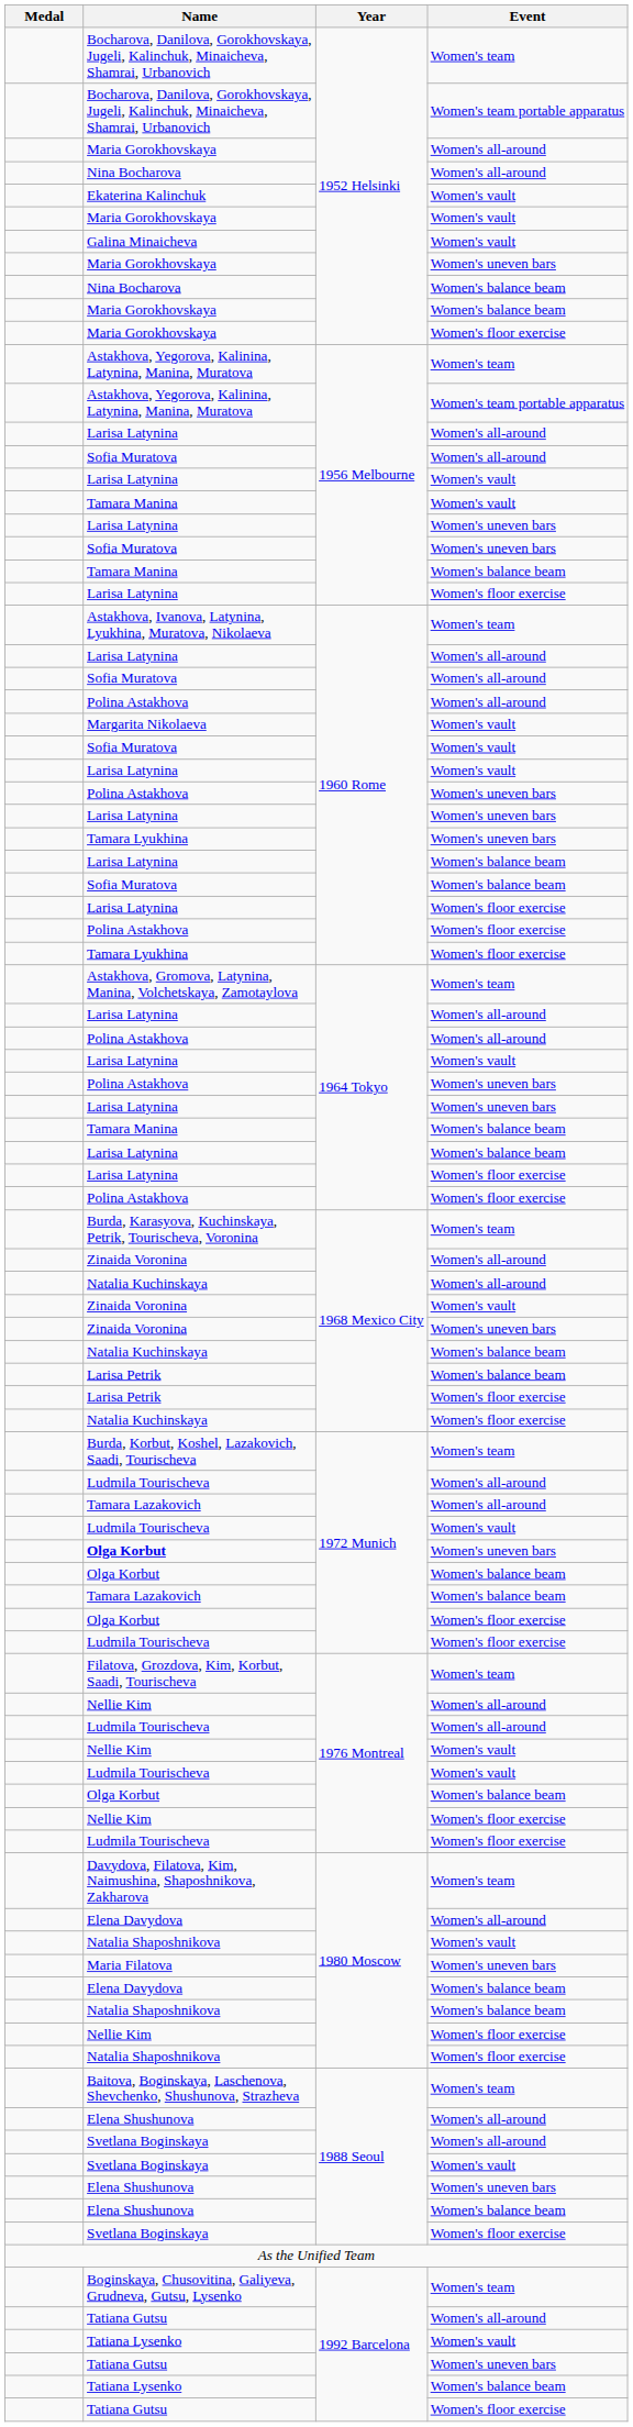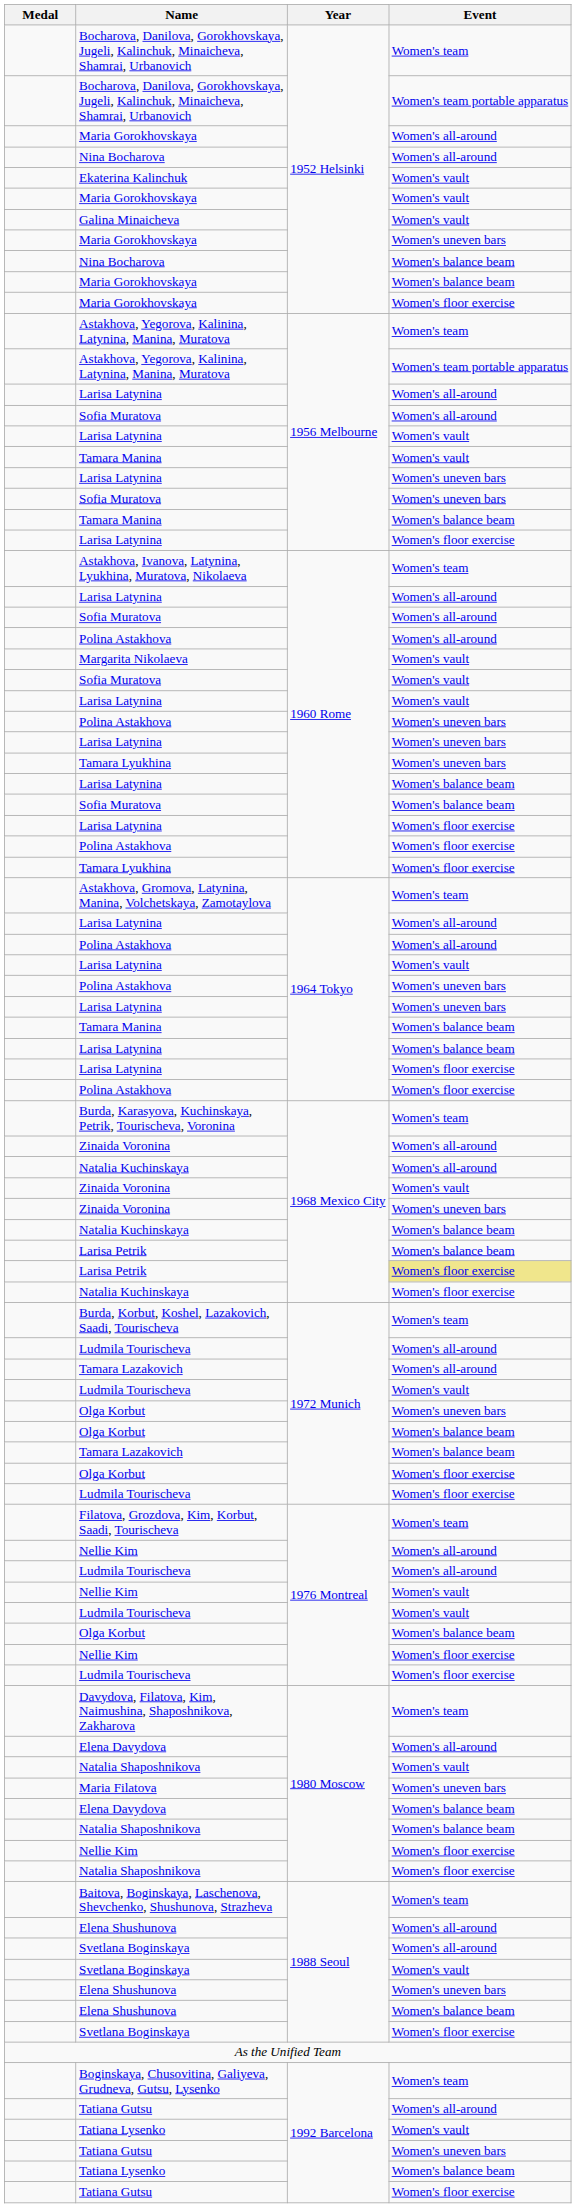 <table class="wikitable sortable">
 <tr>
 <th style="width:5em;">Medal</th>
 <th width=250>Name</th>
 <th>Year</th>
 <th>Event</th>
 </tr>
 <tr>
 <td></td>
 <td><a href='#'>Bocharova</a>, <a href='#'>Danilova</a>, <a href='#'>Gorokhovskaya</a>, <a href='#'>Jugeli</a>, <a href='#'>Kalinchuk</a>, <a href='#'>Minaicheva</a>, <a href='#'>Shamrai</a>, <a href='#'>Urbanovich</a></td>
 <td rowspan="11"> <a href='#'>1952 Helsinki</a></td>
 <td><a href='#'>Women's team</a></td>
 </tr>
 <tr>
 <td></td>
 <td><a href='#'>Bocharova</a>, <a href='#'>Danilova</a>, <a href='#'>Gorokhovskaya</a>, <a href='#'>Jugeli</a>, <a href='#'>Kalinchuk</a>, <a href='#'>Minaicheva</a>, <a href='#'>Shamrai</a>, <a href='#'>Urbanovich</a></td>
 <td><a href='#'>Women's team portable apparatus</a></td>
 </tr>
 <tr>
 <td></td>
 <td><a href='#'>Maria Gorokhovskaya</a></td>
 <td><a href='#'>Women's all-around</a></td>
 </tr>
 <tr>
 <td></td>
 <td><a href='#'>Nina Bocharova</a></td>
 <td><a href='#'>Women's all-around</a></td>
 </tr>
 <tr>
 <td></td>
 <td><a href='#'>Ekaterina Kalinchuk</a></td>
 <td><a href='#'>Women's vault</a></td>
 </tr>
 <tr>
 <td></td>
 <td><a href='#'>Maria Gorokhovskaya</a></td>
 <td><a href='#'>Women's vault</a></td>
 </tr>
 <tr>
 <td></td>
 <td><a href='#'>Galina Minaicheva</a></td>
 <td><a href='#'>Women's vault</a></td>
 </tr>
 <tr>
 <td></td>
 <td><a href='#'>Maria Gorokhovskaya</a></td>
 <td><a href='#'>Women's uneven bars</a></td>
 </tr>
 <tr>
 <td></td>
 <td><a href='#'>Nina Bocharova</a></td>
 <td><a href='#'>Women's balance beam</a></td>
 </tr>
 <tr>
 <td></td>
 <td><a href='#'>Maria Gorokhovskaya</a></td>
 <td><a href='#'>Women's balance beam</a></td>
 </tr>
 <tr>
 <td></td>
 <td><a href='#'>Maria Gorokhovskaya</a></td>
 <td><a href='#'>Women's floor exercise</a></td>
 </tr>
 <tr>
 <td></td>
 <td><a href='#'>Astakhova</a>, <a href='#'>Yegorova</a>, <a href='#'>Kalinina</a>, <a href='#'>Latynina</a>, <a href='#'>Manina</a>, <a href='#'>Muratova</a></td>
 <td rowspan="10"> <a href='#'>1956 Melbourne</a></td>
 <td><a href='#'>Women's team</a></td>
 </tr>
 <tr>
 <td></td>
 <td><a href='#'>Astakhova</a>, <a href='#'>Yegorova</a>, <a href='#'>Kalinina</a>, <a href='#'>Latynina</a>, <a href='#'>Manina</a>, <a href='#'>Muratova</a></td>
 <td><a href='#'>Women's team portable apparatus</a></td>
 </tr>
 <tr>
 <td></td>
 <td><a href='#'>Larisa Latynina</a></td>
 <td><a href='#'>Women's all-around</a></td>
 </tr>
 <tr>
 <td></td>
 <td><a href='#'>Sofia Muratova</a></td>
 <td><a href='#'>Women's all-around</a></td>
 </tr>
 <tr>
 <td></td>
 <td><a href='#'>Larisa Latynina</a></td>
 <td><a href='#'>Women's vault</a></td>
 </tr>
 <tr>
 <td></td>
 <td><a href='#'>Tamara Manina</a></td>
 <td><a href='#'>Women's vault</a></td>
 </tr>
 <tr>
 <td></td>
 <td><a href='#'>Larisa Latynina</a></td>
 <td><a href='#'>Women's uneven bars</a></td>
 </tr>
 <tr>
 <td></td>
 <td><a href='#'>Sofia Muratova</a></td>
 <td><a href='#'>Women's uneven bars</a></td>
 </tr>
 <tr>
 <td></td>
 <td><a href='#'>Tamara Manina</a></td>
 <td><a href='#'>Women's balance beam</a></td>
 </tr>
 <tr>
 <td></td>
 <td><a href='#'>Larisa Latynina</a></td>
 <td><a href='#'>Women's floor exercise</a></td>
 </tr>
 <tr>
 <td></td>
 <td><a href='#'>Astakhova</a>, <a href='#'>Ivanova</a>, <a href='#'>Latynina</a>, <a href='#'>Lyukhina</a>, <a href='#'>Muratova</a>, <a href='#'>Nikolaeva</a></td>
 <td rowspan="15"> <a href='#'>1960 Rome</a></td>
 <td><a href='#'>Women's team</a></td>
 </tr>
 <tr>
 <td></td>
 <td><a href='#'>Larisa Latynina</a></td>
 <td><a href='#'>Women's all-around</a></td>
 </tr>
 <tr>
 <td></td>
 <td><a href='#'>Sofia Muratova</a></td>
 <td><a href='#'>Women's all-around</a></td>
 </tr>
 <tr>
 <td></td>
 <td><a href='#'>Polina Astakhova</a></td>
 <td><a href='#'>Women's all-around</a></td>
 </tr>
 <tr>
 <td></td>
 <td><a href='#'>Margarita Nikolaeva</a></td>
 <td><a href='#'>Women's vault</a></td>
 </tr>
 <tr>
 <td></td>
 <td><a href='#'>Sofia Muratova</a></td>
 <td><a href='#'>Women's vault</a></td>
 </tr>
 <tr>
 <td></td>
 <td><a href='#'>Larisa Latynina</a></td>
 <td><a href='#'>Women's vault</a></td>
 </tr>
 <tr>
 <td></td>
 <td><a href='#'>Polina Astakhova</a></td>
 <td><a href='#'>Women's uneven bars</a></td>
 </tr>
 <tr>
 <td></td>
 <td><a href='#'>Larisa Latynina</a></td>
 <td><a href='#'>Women's uneven bars</a></td>
 </tr>
 <tr>
 <td></td>
 <td><a href='#'>Tamara Lyukhina</a></td>
 <td><a href='#'>Women's uneven bars</a></td>
 </tr>
 <tr>
 <td></td>
 <td><a href='#'>Larisa Latynina</a></td>
 <td><a href='#'>Women's balance beam</a></td>
 </tr>
 <tr>
 <td></td>
 <td><a href='#'>Sofia Muratova</a></td>
 <td><a href='#'>Women's balance beam</a></td>
 </tr>
 <tr>
 <td></td>
 <td><a href='#'>Larisa Latynina</a></td>
 <td><a href='#'>Women's floor exercise</a></td>
 </tr>
 <tr>
 <td></td>
 <td><a href='#'>Polina Astakhova</a></td>
 <td><a href='#'>Women's floor exercise</a></td>
 </tr>
 <tr>
 <td></td>
 <td><a href='#'>Tamara Lyukhina</a></td>
 <td><a href='#'>Women's floor exercise</a></td>
 </tr>
 <tr>
 <td></td>
 <td><a href='#'>Astakhova</a>, <a href='#'>Gromova</a>, <a href='#'>Latynina</a>, <a href='#'>Manina</a>, <a href='#'>Volchetskaya</a>, <a href='#'>Zamotaylova</a></td>
 <td rowspan="10"> <a href='#'>1964 Tokyo</a></td>
 <td><a href='#'>Women's team</a></td>
 </tr>
 <tr>
 <td></td>
 <td><a href='#'>Larisa Latynina</a></td>
 <td><a href='#'>Women's all-around</a></td>
 </tr>
 <tr>
 <td></td>
 <td><a href='#'>Polina Astakhova</a></td>
 <td><a href='#'>Women's all-around</a></td>
 </tr>
 <tr>
 <td></td>
 <td><a href='#'>Larisa Latynina</a></td>
 <td><a href='#'>Women's vault</a></td>
 </tr>
 <tr>
 <td></td>
 <td><a href='#'>Polina Astakhova</a></td>
 <td><a href='#'>Women's uneven bars</a></td>
 </tr>
 <tr>
 <td></td>
 <td><a href='#'>Larisa Latynina</a></td>
 <td><a href='#'>Women's uneven bars</a></td>
 </tr>
 <tr>
 <td></td>
 <td><a href='#'>Tamara Manina</a></td>
 <td><a href='#'>Women's balance beam</a></td>
 </tr>
 <tr>
 <td></td>
 <td><a href='#'>Larisa Latynina</a></td>
 <td><a href='#'>Women's balance beam</a></td>
 </tr>
 <tr>
 <td></td>
 <td><a href='#'>Larisa Latynina</a></td>
 <td><a href='#'>Women's floor exercise</a></td>
 </tr>
 <tr>
 <td></td>
 <td><a href='#'>Polina Astakhova</a></td>
 <td><a href='#'>Women's floor exercise</a></td>
 </tr>
 <tr>
 <td></td>
 <td><a href='#'>Burda</a>, <a href='#'>Karasyova</a>, <a href='#'>Kuchinskaya</a>, <a href='#'>Petrik</a>, <a href='#'>Tourischeva</a>, <a href='#'>Voronina</a></td>
 <td rowspan="9"> <a href='#'>1968 Mexico City</a></td>
 <td><a href='#'>Women's team</a></td>
 </tr>
 <tr>
 <td></td>
 <td><a href='#'>Zinaida Voronina</a></td>
 <td><a href='#'>Women's all-around</a></td>
 </tr>
 <tr>
 <td></td>
 <td><a href='#'>Natalia Kuchinskaya</a></td>
 <td><a href='#'>Women's all-around</a></td>
 </tr>
 <tr>
 <td></td>
 <td><a href='#'>Zinaida Voronina</a></td>
 <td><a href='#'>Women's vault</a></td>
 </tr>
 <tr>
 <td></td>
 <td><a href='#'>Zinaida Voronina</a></td>
 <td><a href='#'>Women's uneven bars</a></td>
 </tr>
 <tr>
 <td></td>
 <td><a href='#'>Natalia Kuchinskaya</a></td>
 <td><a href='#'>Women's balance beam</a></td>
 </tr>
 <tr>
 <td></td>
 <td><a href='#'>Larisa Petrik</a></td>
 <td><a href='#'>Women's balance beam</a></td>
 </tr>
 <tr>
 <td></td>
 <td><a href='#'>Larisa Petrik</a></td>
-<td><a href='#'>Women's floor exercise</a></td>
+<td style="background: khaki;"><a href='#'>Women's floor exercise</a></td>
 </tr>
 <tr>
 <td></td>
 <td><a href='#'>Natalia Kuchinskaya</a></td>
 <td><a href='#'>Women's floor exercise</a></td>
 </tr>
 <tr>
 <td></td>
 <td><a href='#'>Burda</a>, <a href='#'>Korbut</a>, <a href='#'>Koshel</a>, <a href='#'>Lazakovich</a>, <a href='#'>Saadi</a>, <a href='#'>Tourischeva</a></td>
 <td rowspan="9"> <a href='#'>1972 Munich</a></td>
 <td><a href='#'>Women's team</a></td>
 </tr>
 <tr>
 <td></td>
 <td><a href='#'>Ludmila Tourischeva</a></td>
 <td><a href='#'>Women's all-around</a></td>
 </tr>
 <tr>
 <td></td>
 <td><a href='#'>Tamara Lazakovich</a></td>
 <td><a href='#'>Women's all-around</a></td>
 </tr>
 <tr>
 <td></td>
 <td><a href='#'>Ludmila Tourischeva</a></td>
 <td><a href='#'>Women's vault</a></td>
 </tr>
 <tr>
 <td></td>
-<td><strong><a href='#'>Olga Korbut</a></strong></td>
+<td><a href='#'>Olga Korbut</a></td>
 <td><a href='#'>Women's uneven bars</a></td>
 </tr>
 <tr>
 <td></td>
 <td><a href='#'>Olga Korbut</a></td>
 <td><a href='#'>Women's balance beam</a></td>
 </tr>
 <tr>
 <td></td>
 <td><a href='#'>Tamara Lazakovich</a></td>
 <td><a href='#'>Women's balance beam</a></td>
 </tr>
 <tr>
 <td></td>
 <td><a href='#'>Olga Korbut</a></td>
 <td><a href='#'>Women's floor exercise</a></td>
 </tr>
 <tr>
 <td></td>
 <td><a href='#'>Ludmila Tourischeva</a></td>
 <td><a href='#'>Women's floor exercise</a></td>
 </tr>
 <tr>
 <td></td>
 <td><a href='#'>Filatova</a>, <a href='#'>Grozdova</a>, <a href='#'>Kim</a>, <a href='#'>Korbut</a>, <a href='#'>Saadi</a>, <a href='#'>Tourischeva</a></td>
 <td rowspan="8"> <a href='#'>1976 Montreal</a></td>
 <td><a href='#'>Women's team</a></td>
 </tr>
 <tr>
 <td></td>
 <td><a href='#'>Nellie Kim</a></td>
 <td><a href='#'>Women's all-around</a></td>
 </tr>
 <tr>
 <td></td>
 <td><a href='#'>Ludmila Tourischeva</a></td>
 <td><a href='#'>Women's all-around</a></td>
 </tr>
 <tr>
 <td></td>
 <td><a href='#'>Nellie Kim</a></td>
 <td><a href='#'>Women's vault</a></td>
 </tr>
 <tr>
 <td></td>
 <td><a href='#'>Ludmila Tourischeva</a></td>
 <td><a href='#'>Women's vault</a></td>
 </tr>
 <tr>
 <td></td>
 <td><a href='#'>Olga Korbut</a></td>
 <td><a href='#'>Women's balance beam</a></td>
 </tr>
 <tr>
 <td></td>
 <td><a href='#'>Nellie Kim</a></td>
 <td><a href='#'>Women's floor exercise</a></td>
 </tr>
 <tr>
 <td></td>
 <td><a href='#'>Ludmila Tourischeva</a></td>
 <td><a href='#'>Women's floor exercise</a></td>
 </tr>
 <tr>
 <td></td>
 <td><a href='#'>Davydova</a>, <a href='#'>Filatova</a>, <a href='#'>Kim</a>, <a href='#'>Naimushina</a>, <a href='#'>Shaposhnikova</a>, <a href='#'>Zakharova</a></td>
 <td rowspan="8"> <a href='#'>1980 Moscow</a></td>
 <td><a href='#'>Women's team</a></td>
 </tr>
 <tr>
 <td></td>
 <td><a href='#'>Elena Davydova</a></td>
 <td><a href='#'>Women's all-around</a></td>
 </tr>
 <tr>
 <td></td>
 <td><a href='#'>Natalia Shaposhnikova</a></td>
 <td><a href='#'>Women's vault</a></td>
 </tr>
 <tr>
 <td></td>
 <td><a href='#'>Maria Filatova</a></td>
 <td><a href='#'>Women's uneven bars</a></td>
 </tr>
 <tr>
 <td></td>
 <td><a href='#'>Elena Davydova</a></td>
 <td><a href='#'>Women's balance beam</a></td>
 </tr>
 <tr>
 <td></td>
 <td><a href='#'>Natalia Shaposhnikova</a></td>
 <td><a href='#'>Women's balance beam</a></td>
 </tr>
 <tr>
 <td></td>
 <td><a href='#'>Nellie Kim</a></td>
 <td><a href='#'>Women's floor exercise</a></td>
 </tr>
 <tr>
 <td></td>
 <td><a href='#'>Natalia Shaposhnikova</a></td>
 <td><a href='#'>Women's floor exercise</a></td>
 </tr>
 <tr>
 <td></td>
 <td><a href='#'>Baitova</a>, <a href='#'>Boginskaya</a>, <a href='#'>Laschenova</a>, <a href='#'>Shevchenko</a>, <a href='#'>Shushunova</a>, <a href='#'>Strazheva</a></td>
 <td rowspan="7"> <a href='#'>1988 Seoul</a></td>
 <td><a href='#'>Women's team</a></td>
 </tr>
 <tr>
 <td></td>
 <td><a href='#'>Elena Shushunova</a></td>
 <td><a href='#'>Women's all-around</a></td>
 </tr>
 <tr>
 <td></td>
 <td><a href='#'>Svetlana Boginskaya</a></td>
 <td><a href='#'>Women's all-around</a></td>
 </tr>
 <tr>
 <td></td>
 <td><a href='#'>Svetlana Boginskaya</a></td>
 <td><a href='#'>Women's vault</a></td>
 </tr>
 <tr>
 <td></td>
 <td><a href='#'>Elena Shushunova</a></td>
 <td><a href='#'>Women's uneven bars</a></td>
 </tr>
 <tr>
 <td></td>
 <td><a href='#'>Elena Shushunova</a></td>
 <td><a href='#'>Women's balance beam</a></td>
 </tr>
 <tr>
 <td></td>
 <td><a href='#'>Svetlana Boginskaya</a></td>
 <td><a href='#'>Women's floor exercise</a></td>
 </tr>
 <tr>
 <td align=center colspan="4"><em>As the Unified Team</em> </td>
 </tr>
 <tr>
 <td></td>
 <td><a href='#'>Boginskaya</a>, <a href='#'>Chusovitina</a>, <a href='#'>Galiyeva</a>, <a href='#'>Grudneva</a>, <a href='#'>Gutsu</a>, <a href='#'>Lysenko</a></td>
 <td rowspan="6"> <a href='#'>1992 Barcelona</a></td>
 <td><a href='#'>Women's team</a></td>
 </tr>
 <tr>
 <td></td>
 <td><a href='#'>Tatiana Gutsu</a></td>
 <td><a href='#'>Women's all-around</a></td>
 </tr>
 <tr>
 <td></td>
 <td><a href='#'>Tatiana Lysenko</a></td>
 <td><a href='#'>Women's vault</a></td>
 </tr>
 <tr>
 <td></td>
 <td><a href='#'>Tatiana Gutsu</a></td>
 <td><a href='#'>Women's uneven bars</a></td>
 </tr>
 <tr>
 <td></td>
 <td><a href='#'>Tatiana Lysenko</a></td>
 <td><a href='#'>Women's balance beam</a></td>
 </tr>
 <tr>
 <td></td>
 <td><a href='#'>Tatiana Gutsu</a></td>
 <td><a href='#'>Women's floor exercise</a></td>
 </tr>
 </table>
